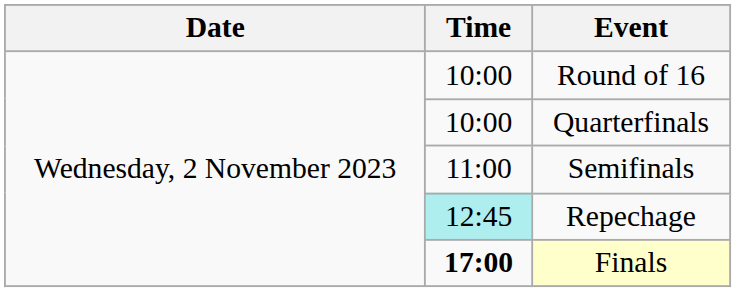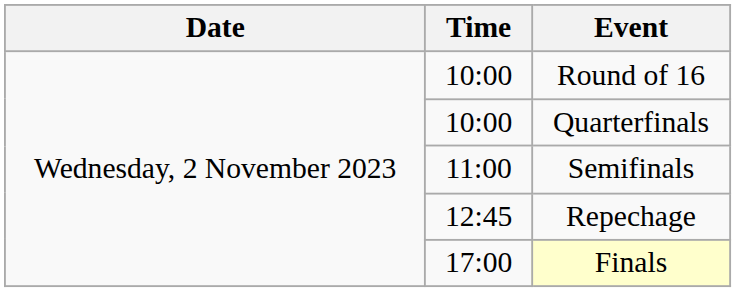 <table class = "wikitable" style="text-align:center;">
 <tr>
 <th width=220>Date</th>
 <th width=50>Time</th>
 <th width=100>Event</th>
 </tr>
 <tr>
 <td rowspan=5>Wednesday, 2 November 2023</td>
 <td>10:00</td>
 <td>Round of 16</td>
 </tr>
 <tr>
 <td>10:00</td>
 <td>Quarterfinals</td>
 </tr>
 <tr>
 <td>11:00</td>
 <td>Semifinals</td>
 </tr>
 <tr>
-<td style="background: paleturquoise;">12:45</td>
+<td>12:45</td>
 <td>Repechage</td>
 </tr>
 <tr>
-<td><strong>17:00</strong></td>
+<td>17:00</td>
 <td bgcolor=ffffcc>Finals</td>
 </tr>
 </table>
